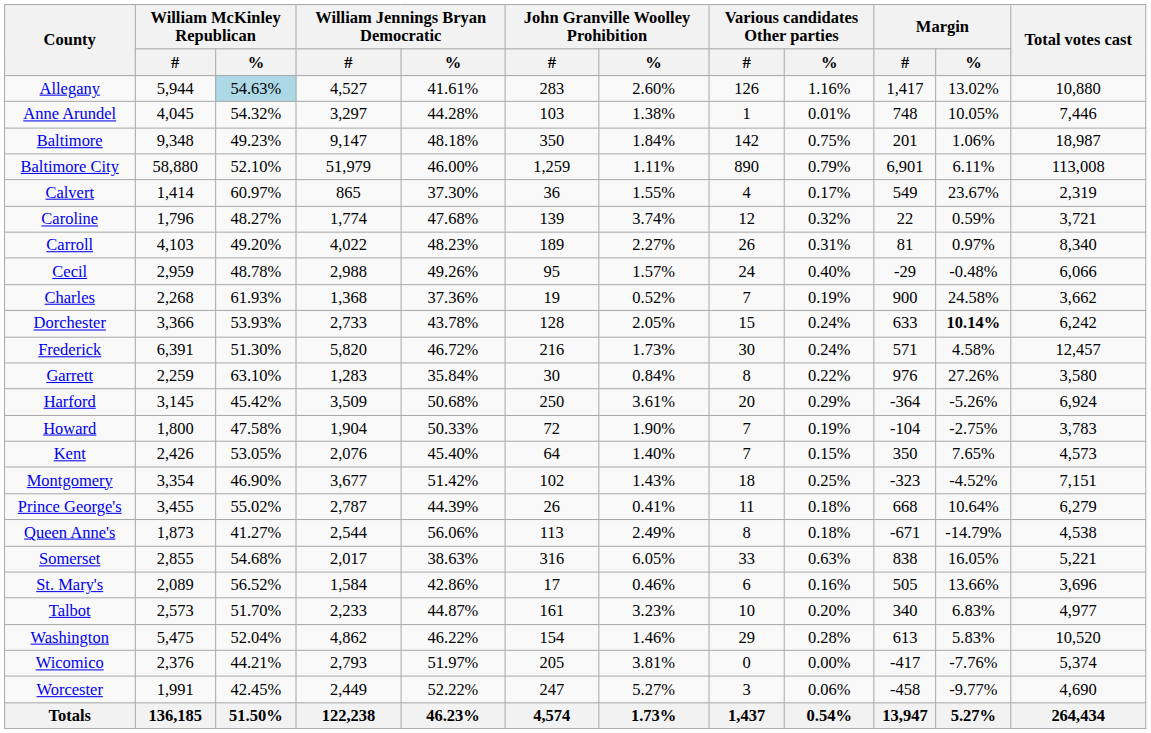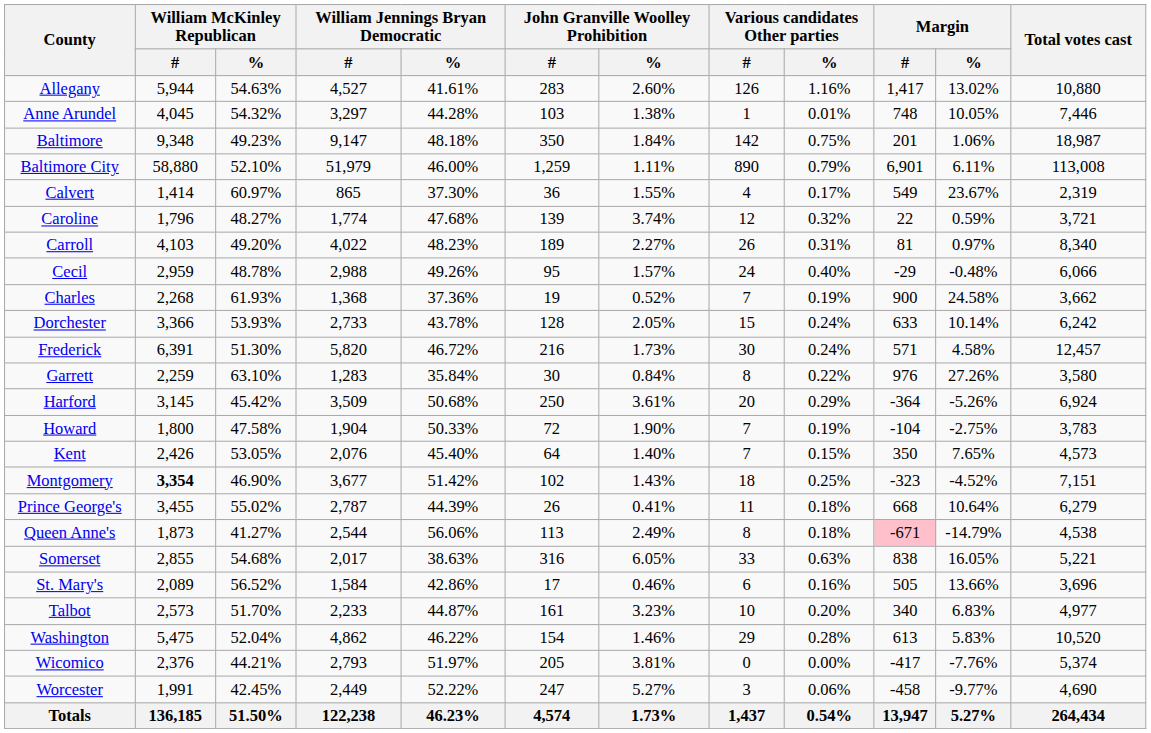 <table class="wikitable sortable" width="70%">
 <tr>
 <th rowspan="2">County</th>
 <th colspan="2">William McKinley<br>Republican</th>
 <th colspan="2">William Jennings Bryan<br>Democratic</th>
 <th colspan="2">John Granville Woolley<br>Prohibition</th>
 <th colspan="2">Various candidates<br>Other parties</th>
 <th colspan="2">Margin</th>
 <th rowspan="2">Total votes cast</th>
 </tr>
 <tr bgcolor="lightgrey">
 <th data-sort-type="number">#</th>
 <th data-sort-type="number">%</th>
 <th data-sort-type="number">#</th>
 <th data-sort-type="number">%</th>
 <th data-sort-type="number">#</th>
 <th data-sort-type="number">%</th>
 <th data-sort-type="number">#</th>
 <th data-sort-type="number">%</th>
 <th data-sort-type="number">#</th>
 <th data-sort-type="number">%</th>
 </tr>
 <tr style="text-align:center;">
 <td><a href='#'>Allegany</a></td>
 <td>5,944</td>
-<td style="background: lightblue;">54.63%</td>
+<td>54.63%</td>
 <td>4,527</td>
 <td>41.61%</td>
 <td>283</td>
 <td>2.60%</td>
 <td>126</td>
 <td>1.16%</td>
 <td>1,417</td>
 <td>13.02%</td>
 <td>10,880</td>
 </tr>
 <tr style="text-align:center;">
 <td><a href='#'>Anne Arundel</a></td>
 <td>4,045</td>
 <td>54.32%</td>
 <td>3,297</td>
 <td>44.28%</td>
 <td>103</td>
 <td>1.38%</td>
 <td>1</td>
 <td>0.01%</td>
 <td>748</td>
 <td>10.05%</td>
 <td>7,446</td>
 </tr>
 <tr style="text-align:center;">
 <td><a href='#'>Baltimore</a></td>
 <td>9,348</td>
 <td>49.23%</td>
 <td>9,147</td>
 <td>48.18%</td>
 <td>350</td>
 <td>1.84%</td>
 <td>142</td>
 <td>0.75%</td>
 <td>201</td>
 <td>1.06%</td>
 <td>18,987</td>
 </tr>
 <tr style="text-align:center;">
 <td><a href='#'>Baltimore City</a></td>
 <td>58,880</td>
 <td>52.10%</td>
 <td>51,979</td>
 <td>46.00%</td>
 <td>1,259</td>
 <td>1.11%</td>
 <td>890</td>
 <td>0.79%</td>
 <td>6,901</td>
 <td>6.11%</td>
 <td>113,008</td>
 </tr>
 <tr style="text-align:center;">
 <td><a href='#'>Calvert</a></td>
 <td>1,414</td>
 <td>60.97%</td>
 <td>865</td>
 <td>37.30%</td>
 <td>36</td>
 <td>1.55%</td>
 <td>4</td>
 <td>0.17%</td>
 <td>549</td>
 <td>23.67%</td>
 <td>2,319</td>
 </tr>
 <tr style="text-align:center;">
 <td><a href='#'>Caroline</a></td>
 <td>1,796</td>
 <td>48.27%</td>
 <td>1,774</td>
 <td>47.68%</td>
 <td>139</td>
 <td>3.74%</td>
 <td>12</td>
 <td>0.32%</td>
 <td>22</td>
 <td>0.59%</td>
 <td>3,721</td>
 </tr>
 <tr style="text-align:center;">
 <td><a href='#'>Carroll</a></td>
 <td>4,103</td>
 <td>49.20%</td>
 <td>4,022</td>
 <td>48.23%</td>
 <td>189</td>
 <td>2.27%</td>
 <td>26</td>
 <td>0.31%</td>
 <td>81</td>
 <td>0.97%</td>
 <td>8,340</td>
 </tr>
 <tr style="text-align:center;">
 <td><a href='#'>Cecil</a></td>
 <td>2,959</td>
 <td>48.78%</td>
 <td>2,988</td>
 <td>49.26%</td>
 <td>95</td>
 <td>1.57%</td>
 <td>24</td>
 <td>0.40%</td>
 <td>-29</td>
 <td>-0.48%</td>
 <td>6,066</td>
 </tr>
 <tr style="text-align:center;">
 <td><a href='#'>Charles</a></td>
 <td>2,268</td>
 <td>61.93%</td>
 <td>1,368</td>
 <td>37.36%</td>
 <td>19</td>
 <td>0.52%</td>
 <td>7</td>
 <td>0.19%</td>
 <td>900</td>
 <td>24.58%</td>
 <td>3,662</td>
 </tr>
 <tr style="text-align:center;">
 <td><a href='#'>Dorchester</a></td>
 <td>3,366</td>
 <td>53.93%</td>
 <td>2,733</td>
 <td>43.78%</td>
 <td>128</td>
 <td>2.05%</td>
 <td>15</td>
 <td>0.24%</td>
 <td>633</td>
-<td><strong>10.14%</strong></td>
+<td>10.14%</td>
 <td>6,242</td>
 </tr>
 <tr style="text-align:center;">
 <td><a href='#'>Frederick</a></td>
 <td>6,391</td>
 <td>51.30%</td>
 <td>5,820</td>
 <td>46.72%</td>
 <td>216</td>
 <td>1.73%</td>
 <td>30</td>
 <td>0.24%</td>
 <td>571</td>
 <td>4.58%</td>
 <td>12,457</td>
 </tr>
 <tr style="text-align:center;">
 <td><a href='#'>Garrett</a></td>
 <td>2,259</td>
 <td>63.10%</td>
 <td>1,283</td>
 <td>35.84%</td>
 <td>30</td>
 <td>0.84%</td>
 <td>8</td>
 <td>0.22%</td>
 <td>976</td>
 <td>27.26%</td>
 <td>3,580</td>
 </tr>
 <tr style="text-align:center;">
 <td><a href='#'>Harford</a></td>
 <td>3,145</td>
 <td>45.42%</td>
 <td>3,509</td>
 <td>50.68%</td>
 <td>250</td>
 <td>3.61%</td>
 <td>20</td>
 <td>0.29%</td>
 <td>-364</td>
 <td>-5.26%</td>
 <td>6,924</td>
 </tr>
 <tr style="text-align:center;">
 <td><a href='#'>Howard</a></td>
 <td>1,800</td>
 <td>47.58%</td>
 <td>1,904</td>
 <td>50.33%</td>
 <td>72</td>
 <td>1.90%</td>
 <td>7</td>
 <td>0.19%</td>
 <td>-104</td>
 <td>-2.75%</td>
 <td>3,783</td>
 </tr>
 <tr style="text-align:center;">
 <td><a href='#'>Kent</a></td>
 <td>2,426</td>
 <td>53.05%</td>
 <td>2,076</td>
 <td>45.40%</td>
 <td>64</td>
 <td>1.40%</td>
 <td>7</td>
 <td>0.15%</td>
 <td>350</td>
 <td>7.65%</td>
 <td>4,573</td>
 </tr>
 <tr style="text-align:center;">
 <td><a href='#'>Montgomery</a></td>
-<td>3,354</td>
+<td><strong>3,354</strong></td>
 <td>46.90%</td>
 <td>3,677</td>
 <td>51.42%</td>
 <td>102</td>
 <td>1.43%</td>
 <td>18</td>
 <td>0.25%</td>
 <td>-323</td>
 <td>-4.52%</td>
 <td>7,151</td>
 </tr>
 <tr style="text-align:center;">
 <td><a href='#'>Prince George's</a></td>
 <td>3,455</td>
 <td>55.02%</td>
 <td>2,787</td>
 <td>44.39%</td>
 <td>26</td>
 <td>0.41%</td>
 <td>11</td>
 <td>0.18%</td>
 <td>668</td>
 <td>10.64%</td>
 <td>6,279</td>
 </tr>
 <tr style="text-align:center;">
 <td><a href='#'>Queen Anne's</a></td>
 <td>1,873</td>
 <td>41.27%</td>
 <td>2,544</td>
 <td>56.06%</td>
 <td>113</td>
 <td>2.49%</td>
 <td>8</td>
 <td>0.18%</td>
-<td>-671</td>
+<td style="background: pink;">-671</td>
 <td>-14.79%</td>
 <td>4,538</td>
 </tr>
 <tr style="text-align:center;">
 <td><a href='#'>Somerset</a></td>
 <td>2,855</td>
 <td>54.68%</td>
 <td>2,017</td>
 <td>38.63%</td>
 <td>316</td>
 <td>6.05%</td>
 <td>33</td>
 <td>0.63%</td>
 <td>838</td>
 <td>16.05%</td>
 <td>5,221</td>
 </tr>
 <tr style="text-align:center;">
 <td><a href='#'>St. Mary's</a></td>
 <td>2,089</td>
 <td>56.52%</td>
 <td>1,584</td>
 <td>42.86%</td>
 <td>17</td>
 <td>0.46%</td>
 <td>6</td>
 <td>0.16%</td>
 <td>505</td>
 <td>13.66%</td>
 <td>3,696</td>
 </tr>
 <tr style="text-align:center;">
 <td><a href='#'>Talbot</a></td>
 <td>2,573</td>
 <td>51.70%</td>
 <td>2,233</td>
 <td>44.87%</td>
 <td>161</td>
 <td>3.23%</td>
 <td>10</td>
 <td>0.20%</td>
 <td>340</td>
 <td>6.83%</td>
 <td>4,977</td>
 </tr>
 <tr style="text-align:center;">
 <td><a href='#'>Washington</a></td>
 <td>5,475</td>
 <td>52.04%</td>
 <td>4,862</td>
 <td>46.22%</td>
 <td>154</td>
 <td>1.46%</td>
 <td>29</td>
 <td>0.28%</td>
 <td>613</td>
 <td>5.83%</td>
 <td>10,520</td>
 </tr>
 <tr style="text-align:center;">
 <td><a href='#'>Wicomico</a></td>
 <td>2,376</td>
 <td>44.21%</td>
 <td>2,793</td>
 <td>51.97%</td>
 <td>205</td>
 <td>3.81%</td>
 <td>0</td>
 <td>0.00%</td>
 <td>-417</td>
 <td>-7.76%</td>
 <td>5,374</td>
 </tr>
 <tr style="text-align:center;">
 <td><a href='#'>Worcester</a></td>
 <td>1,991</td>
 <td>42.45%</td>
 <td>2,449</td>
 <td>52.22%</td>
 <td>247</td>
 <td>5.27%</td>
 <td>3</td>
 <td>0.06%</td>
 <td>-458</td>
 <td>-9.77%</td>
 <td>4,690</td>
 </tr>
 <tr style="text-align:center;">
 <th>Totals</th>
 <th>136,185</th>
 <th>51.50%</th>
 <th>122,238</th>
 <th>46.23%</th>
 <th>4,574</th>
 <th>1.73%</th>
 <th>1,437</th>
 <th>0.54%</th>
 <th>13,947</th>
 <th>5.27%</th>
 <th>264,434</th>
 </tr>
 </table>
